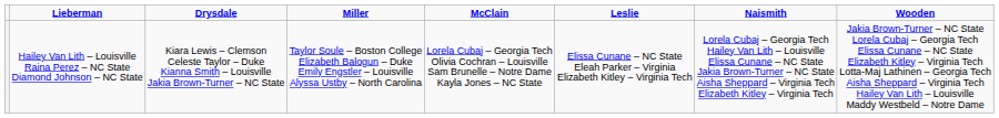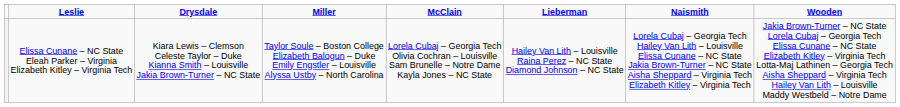 <table class="wikitable" style="white-space:nowrap; text-align:center; font-size:90%;">
 <tr>
 <td></td>
-<td><strong><a href='#'>Lieberman</a></strong></td>
+<td><strong><a href='#'>Leslie</a></strong></td>
 <td><strong><a href='#'>Drysdale</a></strong></td>
 <td><strong><a href='#'>Miller</a></strong></td>
 <td><strong><a href='#'>McClain</a></strong></td>
-<td><strong><a href='#'>Leslie</a></strong></td>
+<td><strong><a href='#'>Lieberman</a></strong></td>
 <td><strong><a href='#'>Naismith</a></strong></td>
 <td><strong><a href='#'>Wooden</a></strong></td>
 </tr>
 <tr>
 <th></th>
-<td><a href='#'>Hailey Van Lith</a> – Louisville<br><a href='#'>Raina Perez</a> – NC State<br><a href='#'>Diamond Johnson</a> – NC State</td>
+<td><a href='#'>Elissa Cunane</a> – NC State<br>Eleah Parker – Virginia<br>Elizabeth Kitley – Virginia Tech</td>
 <td>Kiara Lewis – Clemson<br>Celeste Taylor – Duke<br><a href='#'>Kianna Smith</a> – Louisville<br><a href='#'>Jakia Brown-Turner</a> – NC State</td>
 <td><a href='#'>Taylor Soule</a> – Boston College<br><a href='#'>Elizabeth Balogun</a> – Duke<br><a href='#'>Emily Engstler</a> – Louisville<br><a href='#'>Alyssa Ustby</a> – North Carolina</td>
 <td><a href='#'>Lorela Cubaj</a> – Georgia Tech<br>Olivia Cochran – Louisville<br>Sam Brunelle – Notre Dame<br>Kayla Jones – NC State</td>
-<td><a href='#'>Elissa Cunane</a> – NC State<br>Eleah Parker – Virginia<br>Elizabeth Kitley – Virginia Tech</td>
+<td><a href='#'>Hailey Van Lith</a> – Louisville<br><a href='#'>Raina Perez</a> – NC State<br><a href='#'>Diamond Johnson</a> – NC State</td>
 <td><a href='#'>Lorela Cubaj</a> – Georgia Tech<br><a href='#'>Hailey Van Lith</a> – Louisville<br><a href='#'>Elissa Cunane</a> – NC State<br><a href='#'>Jakia Brown-Turner</a> – NC State<br><a href='#'>Aisha Sheppard</a> – Virginia Tech<br><a href='#'>Elizabeth Kitley</a> – Virginia Tech</td>
 <td><a href='#'>Jakia Brown-Turner</a> – NC State<br><a href='#'>Lorela Cubaj</a> – Georgia Tech<br><a href='#'>Elissa Cunane</a> – NC State<br><a href='#'>Elizabeth Kitley</a> – Virginia Tech<br>Lotta-Maj Lathinen – Georgia Tech<br><a href='#'>Aisha Sheppard</a> – Virginia Tech<br><a href='#'>Hailey Van Lith</a> – Louisville<br>Maddy Westbeld – Notre Dame</td>
 </tr>
 </table>
